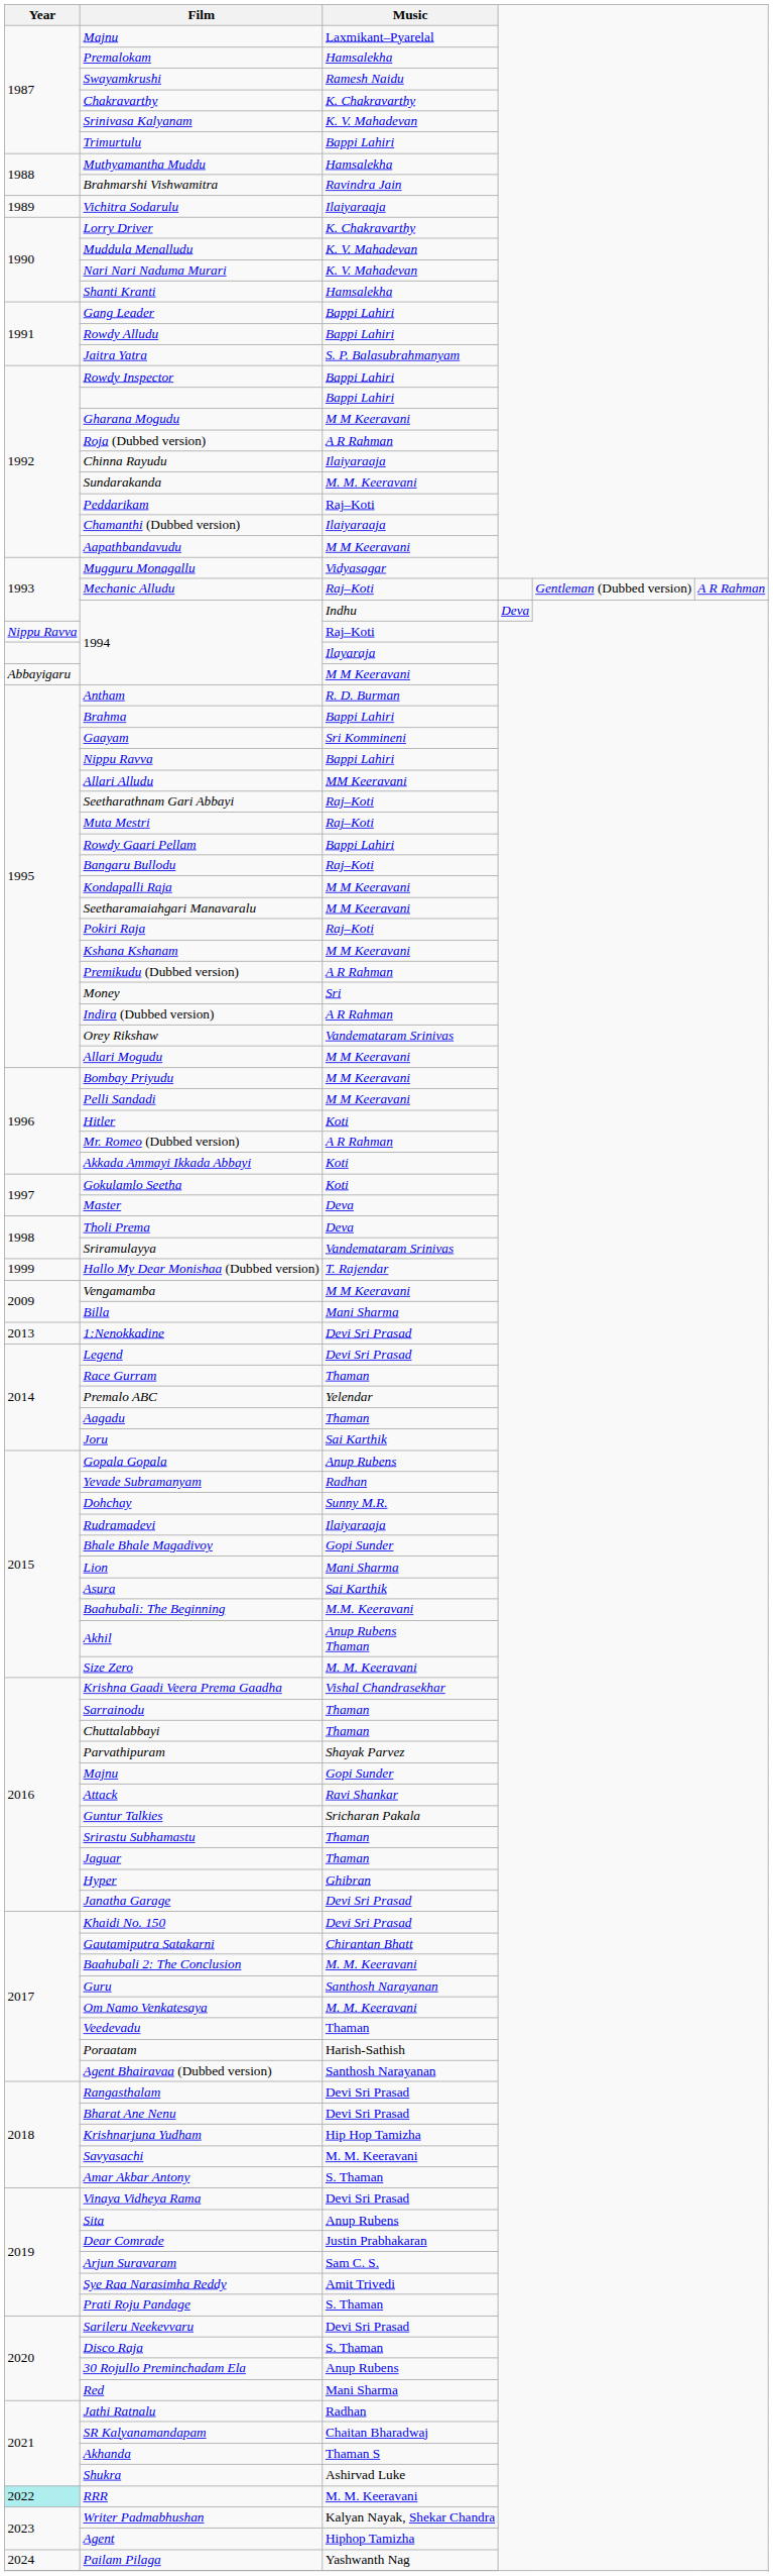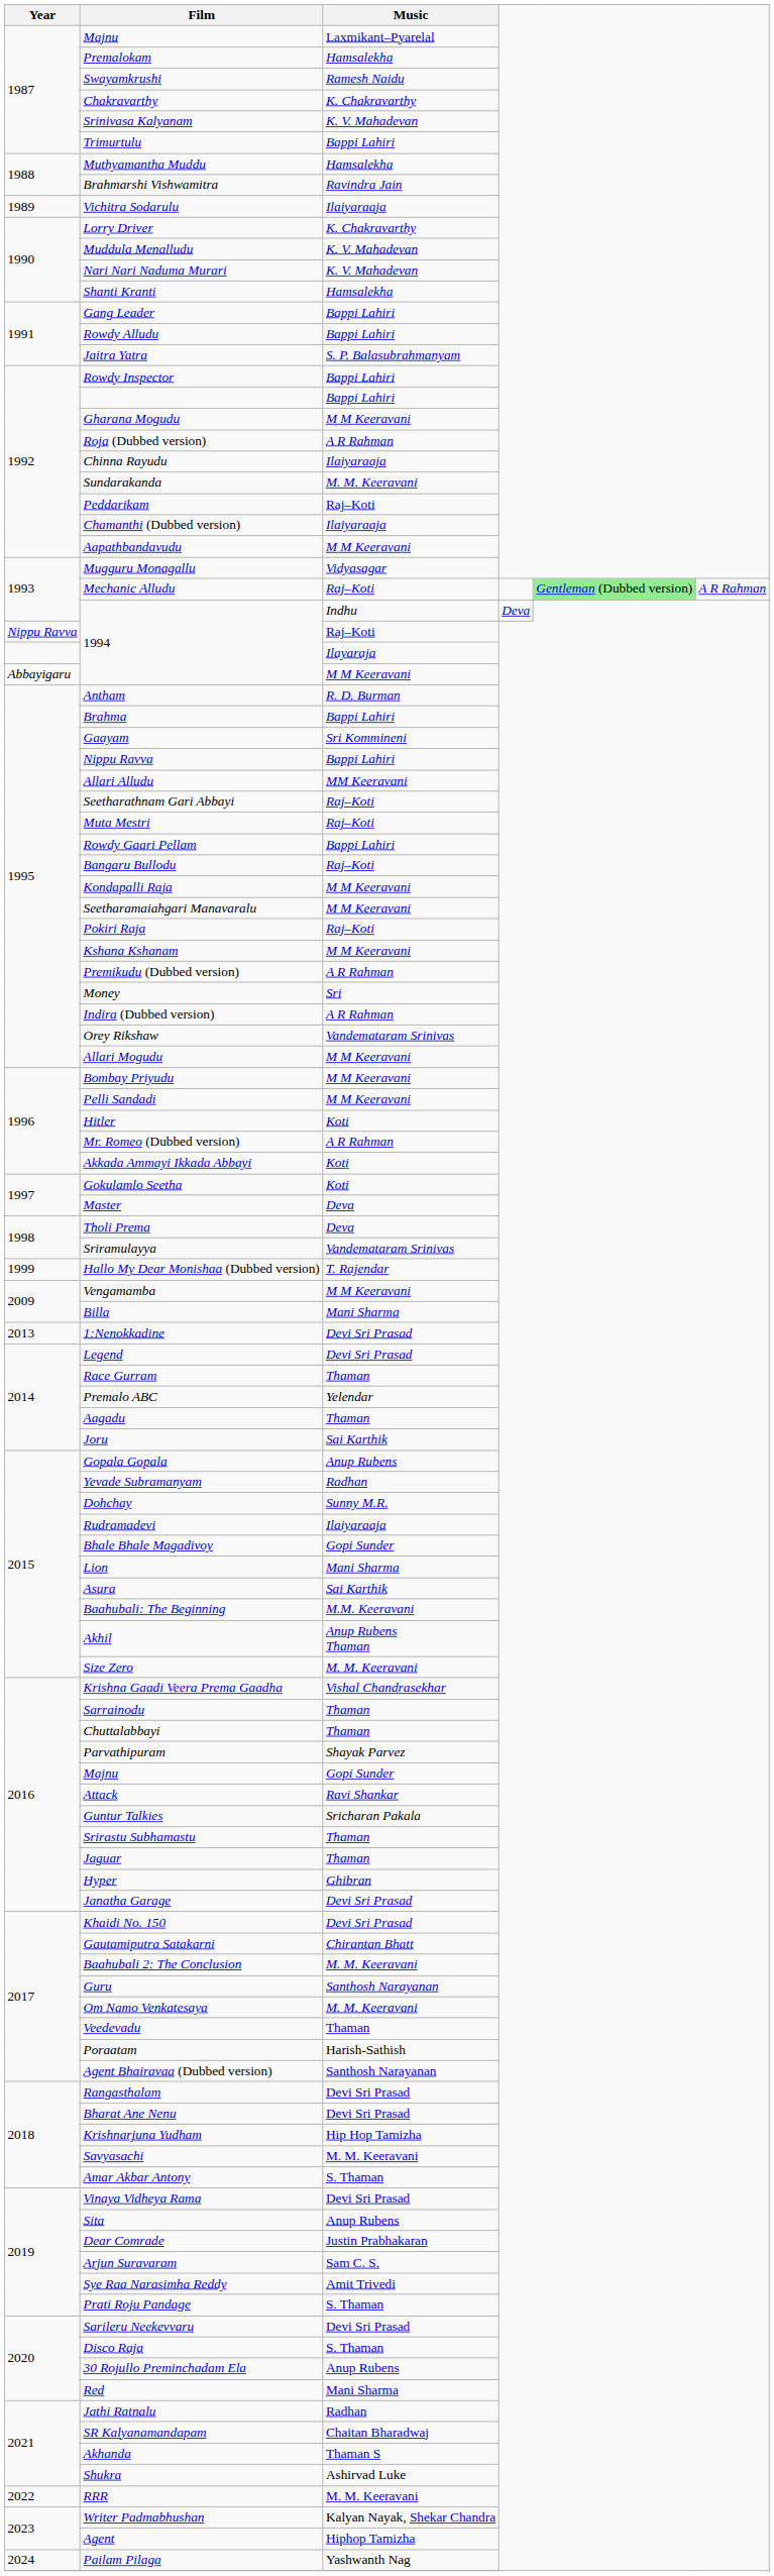 <table class="wikitable sortable">
 <tr>
 <th>Year</th>
 <th>Film</th>
 <th>Music</th>
 </tr>
 <tr>
 <td rowspan="6">1987</td>
 <td><em><a href='#'>Majnu</a></em></td>
 <td><a href='#'>Laxmikant–Pyarelal</a></td>
 </tr>
 <tr>
 <td><em><a href='#'>Premalokam</a></em></td>
 <td><em><a href='#'>Hamsalekha</a></em></td>
 </tr>
 <tr>
 <td><em><a href='#'>Swayamkrushi</a></em></td>
 <td><em><a href='#'>Ramesh Naidu</a></em></td>
 </tr>
 <tr>
 <td><em><a href='#'>Chakravarthy</a></em></td>
 <td><em><a href='#'>K. Chakravarthy</a></em></td>
 </tr>
 <tr>
 <td><em><a href='#'>Srinivasa Kalyanam</a></em></td>
 <td><em><a href='#'>K. V. Mahadevan</a></em></td>
 </tr>
 <tr>
 <td><em><a href='#'>Trimurtulu</a></em></td>
 <td><em><a href='#'>Bappi Lahiri</a></em></td>
 </tr>
 <tr>
 <td rowspan="2">1988</td>
 <td><em><a href='#'>Muthyamantha Muddu</a></em></td>
 <td><em><a href='#'>Hamsalekha</a></em></td>
 </tr>
 <tr>
 <td><em>Brahmarshi Vishwamitra</em></td>
 <td><em><a href='#'>Ravindra Jain</a></em></td>
 </tr>
 <tr>
 <td>1989</td>
 <td><em><a href='#'>Vichitra Sodarulu</a></em></td>
 <td><em><a href='#'>Ilaiyaraaja</a></em></td>
 </tr>
 <tr>
 <td rowspan="4">1990</td>
 <td><em><a href='#'>Lorry Driver</a></em></td>
 <td><em><a href='#'>K. Chakravarthy</a></em></td>
 </tr>
 <tr>
 <td><em><a href='#'>Muddula Menalludu</a></em></td>
 <td><em><a href='#'>K. V. Mahadevan</a></em></td>
 </tr>
 <tr>
 <td><em><a href='#'>Nari Nari Naduma Murari</a></em></td>
 <td><em><a href='#'>K. V. Mahadevan</a></em></td>
 </tr>
 <tr>
 <td><em><a href='#'>Shanti Kranti</a></em></td>
 <td><em><a href='#'>Hamsalekha</a></em></td>
 </tr>
 <tr>
 <td rowspan="3">1991</td>
 <td><em><a href='#'>Gang Leader</a></em></td>
 <td><em><a href='#'>Bappi Lahiri</a></em></td>
 </tr>
 <tr>
 <td><em><a href='#'>Rowdy Alludu</a></em></td>
 <td><em><a href='#'>Bappi Lahiri</a></em></td>
 </tr>
 <tr>
 <td><em><a href='#'>Jaitra Yatra</a></em></td>
 <td><em><a href='#'>S. P. Balasubrahmanyam</a></em></td>
 </tr>
 <tr>
 <td rowspan="9">1992</td>
 <td><em><a href='#'>Rowdy Inspector</a></em></td>
 <td><em><a href='#'>Bappi Lahiri</a></em></td>
 </tr>
 <tr>
 <td><em></em></td>
 <td><em><a href='#'>Bappi Lahiri</a></em></td>
 </tr>
 <tr>
 <td><em><a href='#'>Gharana Mogudu</a></em></td>
 <td><em><a href='#'>M M Keeravani</a></em></td>
 </tr>
 <tr>
 <td><em><a href='#'>Roja</a></em> (Dubbed version)</td>
 <td><em><a href='#'>A R Rahman</a></em></td>
 </tr>
 <tr>
 <td><em>Chinna Rayudu</em></td>
 <td><em><a href='#'>Ilaiyaraaja</a></em></td>
 </tr>
 <tr>
 <td><em>Sundarakanda</em></td>
 <td><em><a href='#'>M. M. Keeravani</a></em></td>
 </tr>
 <tr>
 <td><em><a href='#'>Peddarikam</a></em></td>
 <td><a href='#'>Raj–Koti</a></td>
 </tr>
 <tr>
 <td><em><a href='#'>Chamanthi</a></em> (Dubbed version)</td>
 <td><em><a href='#'>Ilaiyaraaja</a></em></td>
 </tr>
 <tr>
 <td><em><a href='#'>Aapathbandavudu</a></em></td>
 <td><em><a href='#'>M M Keeravani</a></em></td>
 </tr>
 <tr>
 <td rowspan="3">1993</td>
 <td><em><a href='#'>Mugguru Monagallu</a></em></td>
 <td><em><a href='#'>Vidyasagar</a></em></td>
 </tr>
 <tr>
 <td><em><a href='#'>Mechanic Alludu</a></em></td>
 <td><em><a href='#'>Raj–Koti</a></em></td>
 <td></td>
-<td><em><a href='#'>Gentleman</a></em> (Dubbed version)</td>
+<td style="background: lightgreen;"><em><a href='#'>Gentleman</a></em> (Dubbed version)</td>
 <td><em><a href='#'>A R Rahman</a></em></td>
 </tr>
 <tr>
 <td rowspan="4">1994</td>
 <td><em>Indhu</em></td>
 <td><em><a href='#'>Deva</a></em></td>
 </tr>
 <tr>
 <td><em><a href='#'>Nippu Ravva</a></em></td>
 <td><a href='#'>Raj–Koti</a></td>
 </tr>
 <tr>
 <td><em></em></td>
 <td><em><a href='#'>Ilayaraja</a></em></td>
 </tr>
 <tr>
 <td><em>Abbayigaru</em></td>
 <td><em><a href='#'>M M Keeravani</a></em></td>
 </tr>
 <tr>
 <td rowspan="18">1995</td>
 <td><em><a href='#'>Antham</a></em></td>
 <td><em><a href='#'>R. D. Burman</a></em></td>
 </tr>
 <tr>
 <td><em><a href='#'>Brahma</a></em></td>
 <td><em><a href='#'>Bappi Lahiri</a></em></td>
 </tr>
 <tr>
 <td><em><a href='#'>Gaayam</a></em></td>
 <td><em><a href='#'>Sri Kommineni</a></em></td>
 </tr>
 <tr>
 <td><em><a href='#'>Nippu Ravva</a></em></td>
 <td><em><a href='#'>Bappi Lahiri</a></em></td>
 </tr>
 <tr>
 <td><em><a href='#'>Allari Alludu</a></em></td>
 <td><em><a href='#'>MM Keeravani</a></em></td>
 </tr>
 <tr>
 <td><em>Seetharathnam Gari Abbayi</em></td>
 <td><em><a href='#'>Raj–Koti</a></em></td>
 </tr>
 <tr>
 <td><em><a href='#'>Muta Mestri</a></em></td>
 <td><em><a href='#'>Raj–Koti</a></em></td>
 </tr>
 <tr>
 <td><em><a href='#'>Rowdy Gaari Pellam</a></em></td>
 <td><em><a href='#'>Bappi Lahiri</a></em></td>
 </tr>
 <tr>
 <td><em><a href='#'>Bangaru Bullodu</a></em></td>
 <td><em><a href='#'>Raj–Koti</a></em></td>
 </tr>
 <tr>
 <td><em><a href='#'>Kondapalli Raja</a></em></td>
 <td><em><a href='#'>M M Keeravani</a></em></td>
 </tr>
 <tr>
 <td><em>Seetharamaiahgari Manavaralu</em></td>
 <td><em><a href='#'>M M Keeravani</a></em></td>
 </tr>
 <tr>
 <td><em><a href='#'>Pokiri Raja</a></em></td>
 <td><em><a href='#'>Raj–Koti</a></em></td>
 </tr>
 <tr>
 <td><em><a href='#'>Kshana Kshanam</a></em></td>
 <td><em><a href='#'>M M Keeravani</a></em></td>
 </tr>
 <tr>
 <td><em><a href='#'>Premikudu</a></em> (Dubbed version)</td>
 <td><em><a href='#'>A R Rahman</a></em></td>
 </tr>
 <tr>
 <td><em>Money</em></td>
 <td><em><a href='#'>Sri</a></em></td>
 </tr>
 <tr>
 <td><em><a href='#'>Indira</a></em> (Dubbed version)</td>
 <td><em><a href='#'>A R Rahman</a></em></td>
 </tr>
 <tr>
 <td><em>Orey Rikshaw</em></td>
 <td><em><a href='#'>Vandemataram Srinivas</a></em></td>
 </tr>
 <tr>
 <td><em><a href='#'>Allari Mogudu</a></em></td>
 <td><em><a href='#'>M M Keeravani</a></em></td>
 </tr>
 <tr>
 <td rowspan="5">1996</td>
 <td><em><a href='#'>Bombay Priyudu</a></em></td>
 <td><em><a href='#'>M M Keeravani</a></em></td>
 </tr>
 <tr>
 <td><em><a href='#'>Pelli Sandadi</a></em></td>
 <td><em><a href='#'>M M Keeravani</a></em></td>
 </tr>
 <tr>
 <td><em><a href='#'>Hitler</a></em></td>
 <td><em><a href='#'>Koti</a></em></td>
 </tr>
 <tr>
 <td><em><a href='#'>Mr. Romeo</a></em> (Dubbed version)</td>
 <td><em><a href='#'>A R Rahman</a></em></td>
 </tr>
 <tr>
 <td><em><a href='#'>Akkada Ammayi Ikkada Abbayi</a></em></td>
 <td><em><a href='#'>Koti</a></em></td>
 </tr>
 <tr>
 <td rowspan="2">1997</td>
 <td><em><a href='#'>Gokulamlo Seetha</a></em></td>
 <td><em><a href='#'>Koti</a></em></td>
 </tr>
 <tr>
 <td><em><a href='#'>Master</a></em></td>
 <td><em><a href='#'>Deva</a></em></td>
 </tr>
 <tr>
 <td rowspan="2">1998</td>
 <td><em><a href='#'>Tholi Prema</a></em></td>
 <td><em><a href='#'>Deva</a></em></td>
 </tr>
 <tr>
 <td><em>Sriramulayya</em></td>
 <td><em><a href='#'>Vandemataram Srinivas</a></em></td>
 </tr>
 <tr>
 <td>1999</td>
 <td><em><a href='#'>Hallo My Dear Monishaa</a></em> (Dubbed version)</td>
 <td><em><a href='#'>T. Rajendar</a></em></td>
 </tr>
 <tr>
 <td rowspan="2">2009</td>
 <td><em>Vengamamba</em></td>
 <td><em><a href='#'>M M Keeravani</a></em></td>
 </tr>
 <tr>
 <td><em><a href='#'>Billa</a></em></td>
 <td><em><a href='#'>Mani Sharma</a></em></td>
 </tr>
 <tr>
 <td>2013</td>
 <td><em><a href='#'>1:Nenokkadine</a></em></td>
 <td><em><a href='#'>Devi Sri Prasad</a></em></td>
 </tr>
 <tr>
 <td rowspan="5">2014</td>
 <td><em><a href='#'>Legend</a></em></td>
 <td><em><a href='#'>Devi Sri Prasad</a></em></td>
 </tr>
 <tr>
 <td><em><a href='#'>Race Gurram</a></em></td>
 <td><em><a href='#'>Thaman</a></em></td>
 </tr>
 <tr>
 <td><em>Premalo ABC</em></td>
 <td><em>Yelendar</em></td>
 </tr>
 <tr>
 <td><em><a href='#'>Aagadu</a></em></td>
 <td><em><a href='#'>Thaman</a></em></td>
 </tr>
 <tr>
 <td><em><a href='#'>Joru</a></em></td>
 <td><em><a href='#'>Sai Karthik</a></em></td>
 </tr>
 <tr>
 <td rowspan="10">2015</td>
 <td><em><a href='#'>Gopala Gopala</a></em></td>
 <td><em><a href='#'>Anup Rubens</a></em></td>
 </tr>
 <tr>
 <td><em><a href='#'>Yevade Subramanyam</a></em></td>
 <td><em><a href='#'>Radhan</a></em></td>
 </tr>
 <tr>
 <td><em><a href='#'>Dohchay</a></em></td>
 <td><em><a href='#'>Sunny M.R.</a></em></td>
 </tr>
 <tr>
 <td><em><a href='#'>Rudramadevi</a></em></td>
 <td><em><a href='#'>Ilaiyaraaja</a></em></td>
 </tr>
 <tr>
 <td><em><a href='#'>Bhale Bhale Magadivoy</a></em></td>
 <td><em><a href='#'>Gopi Sunder</a></em></td>
 </tr>
 <tr>
 <td><em><a href='#'>Lion</a></em></td>
 <td><em><a href='#'>Mani Sharma</a></em></td>
 </tr>
 <tr>
 <td><em><a href='#'>Asura</a></em></td>
 <td><em><a href='#'>Sai Karthik</a></em></td>
 </tr>
 <tr>
 <td><em><a href='#'>Baahubali: The Beginning</a></em></td>
 <td><em><a href='#'>M.M. Keeravani</a></em></td>
 </tr>
 <tr>
 <td><em><a href='#'>Akhil</a></em></td>
 <td><em><a href='#'>Anup Rubens</a></em><br><em><a href='#'>Thaman</a></em></td>
 </tr>
 <tr>
 <td><em><a href='#'>Size Zero</a></em></td>
 <td><em><a href='#'>M. M. Keeravani</a></em></td>
 </tr>
 <tr>
 <td rowspan="11">2016</td>
 <td><em><a href='#'>Krishna Gaadi Veera Prema Gaadha</a></em></td>
 <td><em><a href='#'>Vishal Chandrasekhar</a></em></td>
 </tr>
 <tr>
 <td><em><a href='#'>Sarrainodu</a></em></td>
 <td><em><a href='#'>Thaman</a></em></td>
 </tr>
 <tr>
 <td><em>Chuttalabbayi</em></td>
 <td><em><a href='#'>Thaman</a></em></td>
 </tr>
 <tr>
 <td><em>Parvathipuram</em></td>
 <td><em>Shayak Parvez</em></td>
 </tr>
 <tr>
 <td><em><a href='#'>Majnu</a></em></td>
 <td><em><a href='#'>Gopi Sunder</a></em></td>
 </tr>
 <tr>
 <td><em><a href='#'>Attack</a></em></td>
 <td><em><a href='#'>Ravi Shankar</a></em></td>
 </tr>
 <tr>
 <td><em><a href='#'>Guntur Talkies</a></em></td>
 <td><em>Sricharan Pakala</em></td>
 </tr>
 <tr>
 <td><em><a href='#'>Srirastu Subhamastu</a></em></td>
 <td><em><a href='#'>Thaman</a></em></td>
 </tr>
 <tr>
 <td><em><a href='#'>Jaguar</a></em></td>
 <td><em><a href='#'>Thaman</a></em></td>
 </tr>
 <tr>
 <td><em><a href='#'>Hyper</a></em></td>
 <td><em><a href='#'>Ghibran</a></em></td>
 </tr>
 <tr>
 <td><em><a href='#'>Janatha Garage</a></em></td>
 <td><em><a href='#'>Devi Sri Prasad</a></em></td>
 </tr>
 <tr>
 <td rowspan="8">2017</td>
 <td><em><a href='#'>Khaidi No. 150</a></em></td>
 <td><em><a href='#'>Devi Sri Prasad</a></em></td>
 </tr>
 <tr>
 <td><em><a href='#'>Gautamiputra Satakarni</a></em></td>
 <td><em><a href='#'>Chirantan Bhatt</a></em></td>
 </tr>
 <tr>
 <td><em><a href='#'>Baahubali 2: The Conclusion</a></em></td>
 <td><em><a href='#'>M. M. Keeravani</a></em></td>
 </tr>
 <tr>
 <td><em><a href='#'>Guru</a></em></td>
 <td><em><a href='#'>Santhosh Narayanan</a></em></td>
 </tr>
 <tr>
 <td><em><a href='#'>Om Namo Venkatesaya</a></em></td>
 <td><em><a href='#'>M. M. Keeravani</a></em></td>
 </tr>
 <tr>
 <td><em><a href='#'>Veedevadu</a></em></td>
 <td><a href='#'>Thaman</a></td>
 </tr>
 <tr>
 <td><em>Poraatam</em></td>
 <td>Harish-Sathish</td>
 </tr>
 <tr>
 <td><em><a href='#'>Agent Bhairavaa</a></em> (Dubbed version)</td>
 <td><a href='#'>Santhosh Narayanan</a></td>
 </tr>
 <tr>
 <td rowspan="5">2018</td>
 <td><em><a href='#'>Rangasthalam</a></em></td>
 <td><a href='#'>Devi Sri Prasad</a></td>
 </tr>
 <tr>
 <td><em><a href='#'>Bharat Ane Nenu</a></em></td>
 <td><a href='#'>Devi Sri Prasad</a></td>
 </tr>
 <tr>
 <td><em><a href='#'>Krishnarjuna Yudham</a></em></td>
 <td><a href='#'>Hip Hop Tamizha</a></td>
 </tr>
 <tr>
 <td><em><a href='#'>Savyasachi</a></em></td>
 <td><a href='#'>M. M. Keeravani</a></td>
 </tr>
 <tr>
 <td><em><a href='#'>Amar Akbar Antony</a></em></td>
 <td><a href='#'>S. Thaman</a></td>
 </tr>
 <tr>
 <td rowspan="6">2019</td>
 <td><em><a href='#'>Vinaya Vidheya Rama</a></em></td>
 <td><a href='#'>Devi Sri Prasad</a></td>
 </tr>
 <tr>
 <td><em><a href='#'>Sita</a></em></td>
 <td><a href='#'>Anup Rubens</a></td>
 </tr>
 <tr>
 <td><em><a href='#'>Dear Comrade</a></em></td>
 <td><a href='#'>Justin Prabhakaran</a></td>
 </tr>
 <tr>
 <td><em><a href='#'>Arjun Suravaram</a></em></td>
 <td><a href='#'>Sam C. S.</a></td>
 </tr>
 <tr>
 <td><em><a href='#'>Sye Raa Narasimha Reddy</a></em></td>
 <td><a href='#'>Amit Trivedi</a></td>
 </tr>
 <tr>
 <td><em><a href='#'>Prati Roju Pandage</a></em></td>
 <td><a href='#'>S. Thaman</a></td>
 </tr>
 <tr>
 <td rowspan="4">2020</td>
 <td><em><a href='#'>Sarileru Neekevvaru</a></em></td>
 <td><a href='#'>Devi Sri Prasad</a></td>
 </tr>
 <tr>
 <td><em><a href='#'>Disco Raja</a></em></td>
 <td><a href='#'>S. Thaman</a></td>
 </tr>
 <tr>
 <td><em><a href='#'>30 Rojullo Preminchadam Ela</a></em></td>
 <td><a href='#'>Anup Rubens</a></td>
 </tr>
 <tr>
 <td><em><a href='#'>Red</a></em></td>
 <td><a href='#'>Mani Sharma</a></td>
 </tr>
 <tr>
 <td rowspan="4">2021</td>
 <td><em><a href='#'>Jathi Ratnalu</a></em></td>
 <td><a href='#'>Radhan</a></td>
 </tr>
 <tr>
 <td><em><a href='#'>SR Kalyanamandapam</a></em></td>
 <td><a href='#'>Chaitan Bharadwaj</a></td>
 </tr>
 <tr>
 <td><em><a href='#'>Akhanda</a></em></td>
 <td><a href='#'>Thaman S</a></td>
 </tr>
 <tr>
 <td><em><a href='#'>Shukra</a></em></td>
 <td>Ashirvad Luke</td>
 </tr>
 <tr>
-<td style="background: paleturquoise;">2022</td>
+<td>2022</td>
 <td><em><a href='#'>RRR</a></em></td>
 <td><a href='#'>M. M. Keeravani</a></td>
 </tr>
 <tr>
 <td rowspan="2">2023</td>
 <td><em><a href='#'>Writer Padmabhushan</a></em></td>
 <td>Kalyan Nayak, <a href='#'>Shekar Chandra</a></td>
 </tr>
 <tr>
 <td><em><a href='#'>Agent</a></em></td>
 <td><a href='#'>Hiphop Tamizha</a></td>
 </tr>
 <tr>
 <td>2024</td>
 <td><em><a href='#'>Pailam Pilaga</a></em></td>
 <td>Yashwanth Nag</td>
 </tr>
 <tr>
 </tr>
 </table>
